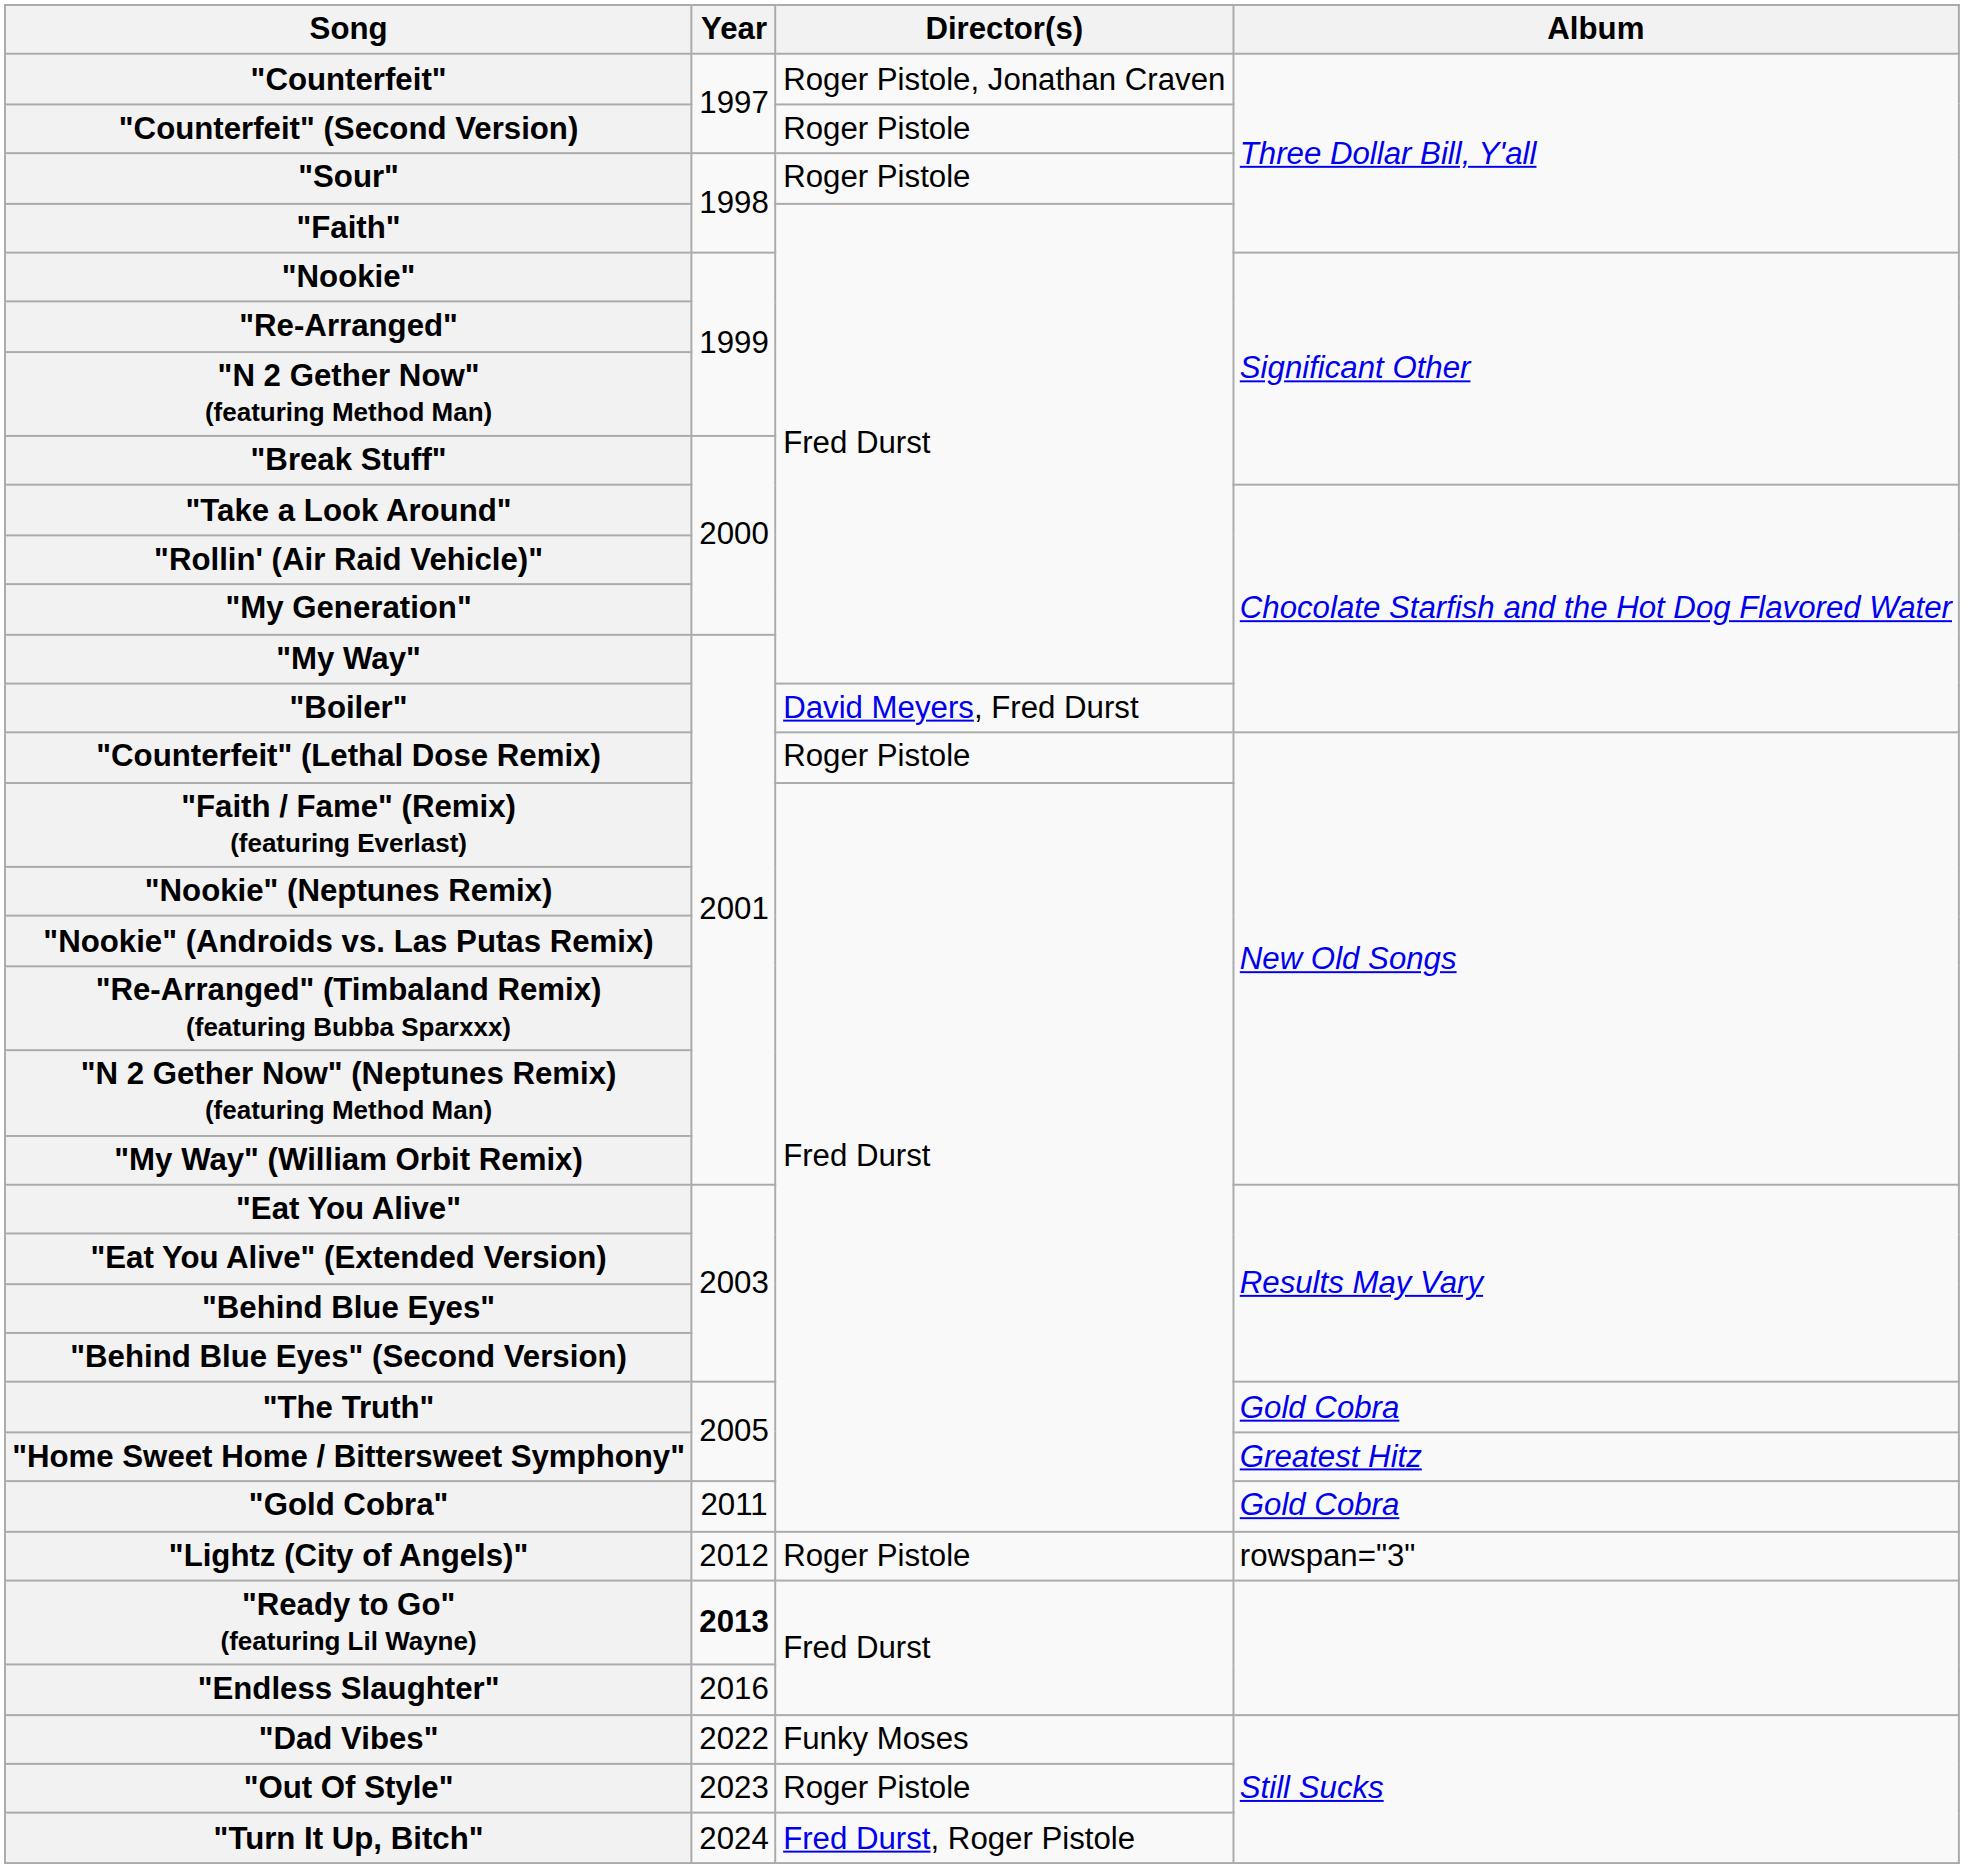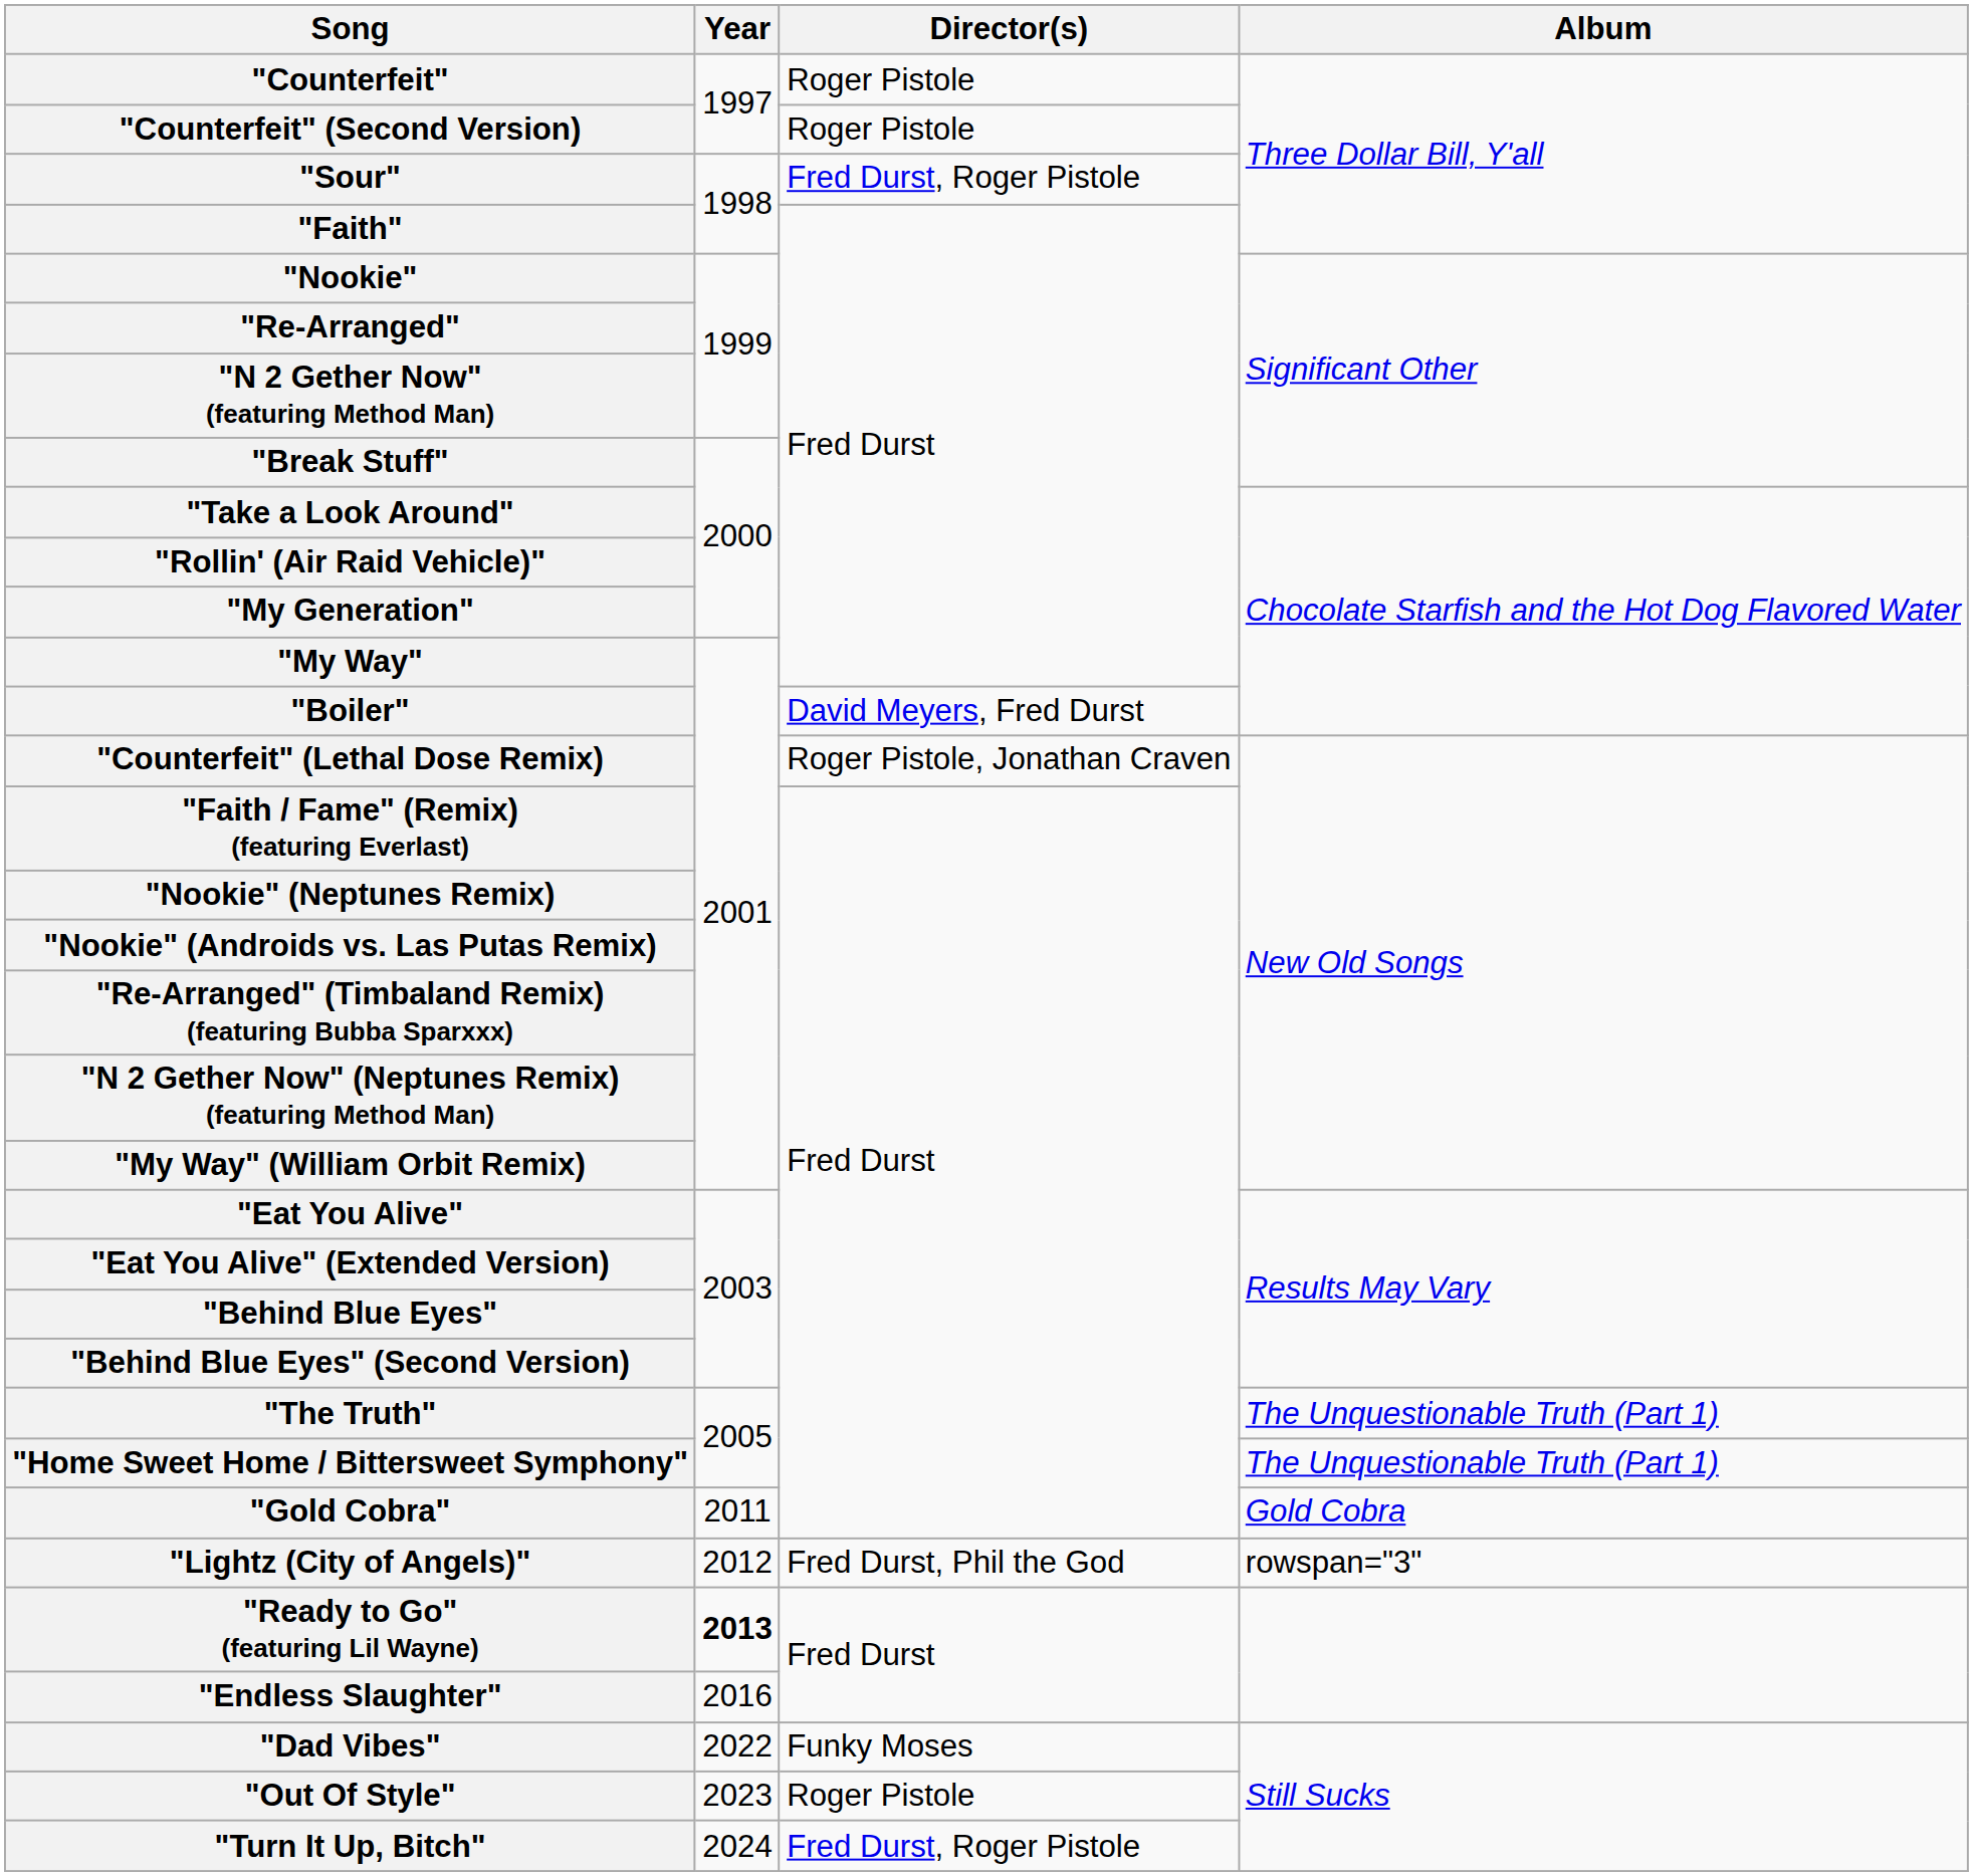 <table class="wikitable plainrowheaders">
 <tr>
 <th scope="col">Song</th>
 <th>Year</th>
 <th>Director(s)</th>
 <th>Album</th>
 </tr>
 <tr>
 <th scope="row">"Counterfeit"</th>
 <td align="center" rowspan="2">1997</td>
-<td>Roger Pistole, Jonathan Craven</td>
+<td>Roger Pistole</td>
 <td rowspan="4"><em><a href='#'>Three Dollar Bill, Y'all</a></em></td>
 </tr>
 <tr>
 <th scope="row">"Counterfeit" (Second Version)</th>
 <td>Roger Pistole</td>
 </tr>
 <tr>
 <th scope="row">"Sour"</th>
 <td align="center" rowspan="2">1998</td>
-<td>Roger Pistole</td>
+<td><a href='#'>Fred Durst</a>, Roger Pistole</td>
 </tr>
 <tr>
 <th scope="row">"Faith"</th>
 <td rowspan="9">Fred Durst</td>
 </tr>
 <tr>
 <th scope="row">"Nookie"</th>
 <td align="center" rowspan="3">1999</td>
 <td rowspan="4"><em><a href='#'>Significant Other</a></em></td>
 </tr>
 <tr>
 <th scope="row">"Re-Arranged"</th>
 </tr>
 <tr>
 <th scope="row">"N 2 Gether Now"<br><small>(featuring Method Man)</small></th>
 </tr>
 <tr>
 <th scope="row">"Break Stuff"</th>
 <td align="center" rowspan="4">2000</td>
 </tr>
 <tr>
 <th scope="row">"Take a Look Around"</th>
 <td rowspan="5"><em><a href='#'>Chocolate Starfish and the Hot Dog Flavored Water</a></em></td>
 </tr>
 <tr>
 <th scope="row">"Rollin' (Air Raid Vehicle)"</th>
 </tr>
 <tr>
 <th scope="row">"My Generation"</th>
 </tr>
 <tr>
 <th scope="row">"My Way"</th>
 <td align="center" rowspan="9">2001</td>
 </tr>
 <tr>
 <th scope="row">"Boiler"</th>
 <td><a href='#'>David Meyers</a>, Fred Durst</td>
 </tr>
 <tr>
 <th scope="row">"Counterfeit" (Lethal Dose Remix)</th>
-<td>Roger Pistole</td>
+<td>Roger Pistole, Jonathan Craven</td>
 <td rowspan="7"><em><a href='#'>New Old Songs</a></em></td>
 </tr>
 <tr>
 <th scope="row">"Faith / Fame" (Remix)<br><small>(featuring Everlast)</small></th>
 <td rowspan="13">Fred Durst</td>
 </tr>
 <tr>
 <th scope="row">"Nookie" (Neptunes Remix)</th>
 </tr>
 <tr>
 <th scope="row">"Nookie" (Androids vs. Las Putas Remix)</th>
 </tr>
 <tr>
 <th scope="row">"Re-Arranged" (Timbaland Remix)<br><small>(featuring Bubba Sparxxx)</small></th>
 </tr>
 <tr>
 <th scope="row">"N 2 Gether Now" (Neptunes Remix)<br><small>(featuring Method Man)</small></th>
 </tr>
 <tr>
 <th scope="row">"My Way" (William Orbit Remix)</th>
 </tr>
 <tr>
 <th scope="row">"Eat You Alive"</th>
 <td align="center" rowspan="4">2003</td>
 <td rowspan="4"><em><a href='#'>Results May Vary</a></em></td>
 </tr>
 <tr>
 <th scope="row">"Eat You Alive" (Extended Version)</th>
 </tr>
 <tr>
 <th scope="row">"Behind Blue Eyes"</th>
 </tr>
 <tr>
 <th scope="row">"Behind Blue Eyes" (Second Version)</th>
 </tr>
 <tr>
 <th scope="row">"The Truth"</th>
 <td align="center" rowspan="2">2005</td>
-<td><em><a href='#'>Gold Cobra</a></em></td>
+<td><em><a href='#'>The Unquestionable Truth (Part 1)</a></em></td>
 </tr>
 <tr>
 <th scope="row">"Home Sweet Home / Bittersweet Symphony"</th>
-<td><em><a href='#'>Greatest Hitz</a></em></td>
+<td><em><a href='#'>The Unquestionable Truth (Part 1)</a></em></td>
 </tr>
 <tr>
 <th scope="row">"Gold Cobra"</th>
 <td align="center">2011</td>
 <td><em><a href='#'>Gold Cobra</a></em></td>
 </tr>
 <tr>
 <th scope="row">"Lightz (City of Angels)"</th>
 <td align="center">2012</td>
-<td>Roger Pistole</td>
+<td>Fred Durst, Phil the God</td>
 <td>rowspan="3" </td>
 </tr>
 <tr>
 <th scope="row">"Ready to Go"<br><small>(featuring Lil Wayne)</small></th>
 <td align="center"><strong>2013</strong></td>
 <td rowspan="2">Fred Durst</td>
 </tr>
 <tr>
 <th scope="row">"Endless Slaughter"</th>
 <td align="center">2016</td>
 </tr>
 <tr>
 <th scope="row">"Dad Vibes"</th>
 <td align="center">2022</td>
 <td>Funky Moses</td>
 <td rowspan="3”"><em><a href='#'>Still Sucks</a></em></td>
 </tr>
 <tr>
 <th scope="row">"Out Of Style"</th>
 <td align="center">2023</td>
 <td>Roger Pistole</td>
 </tr>
 <tr>
 <th scope="row">"Turn It Up, Bitch"</th>
 <td align=“center”>2024</td>
 <td><a href='#'>Fred Durst</a>, Roger Pistole</td>
 </tr>
 <tr>
 </tr>
 </table>
